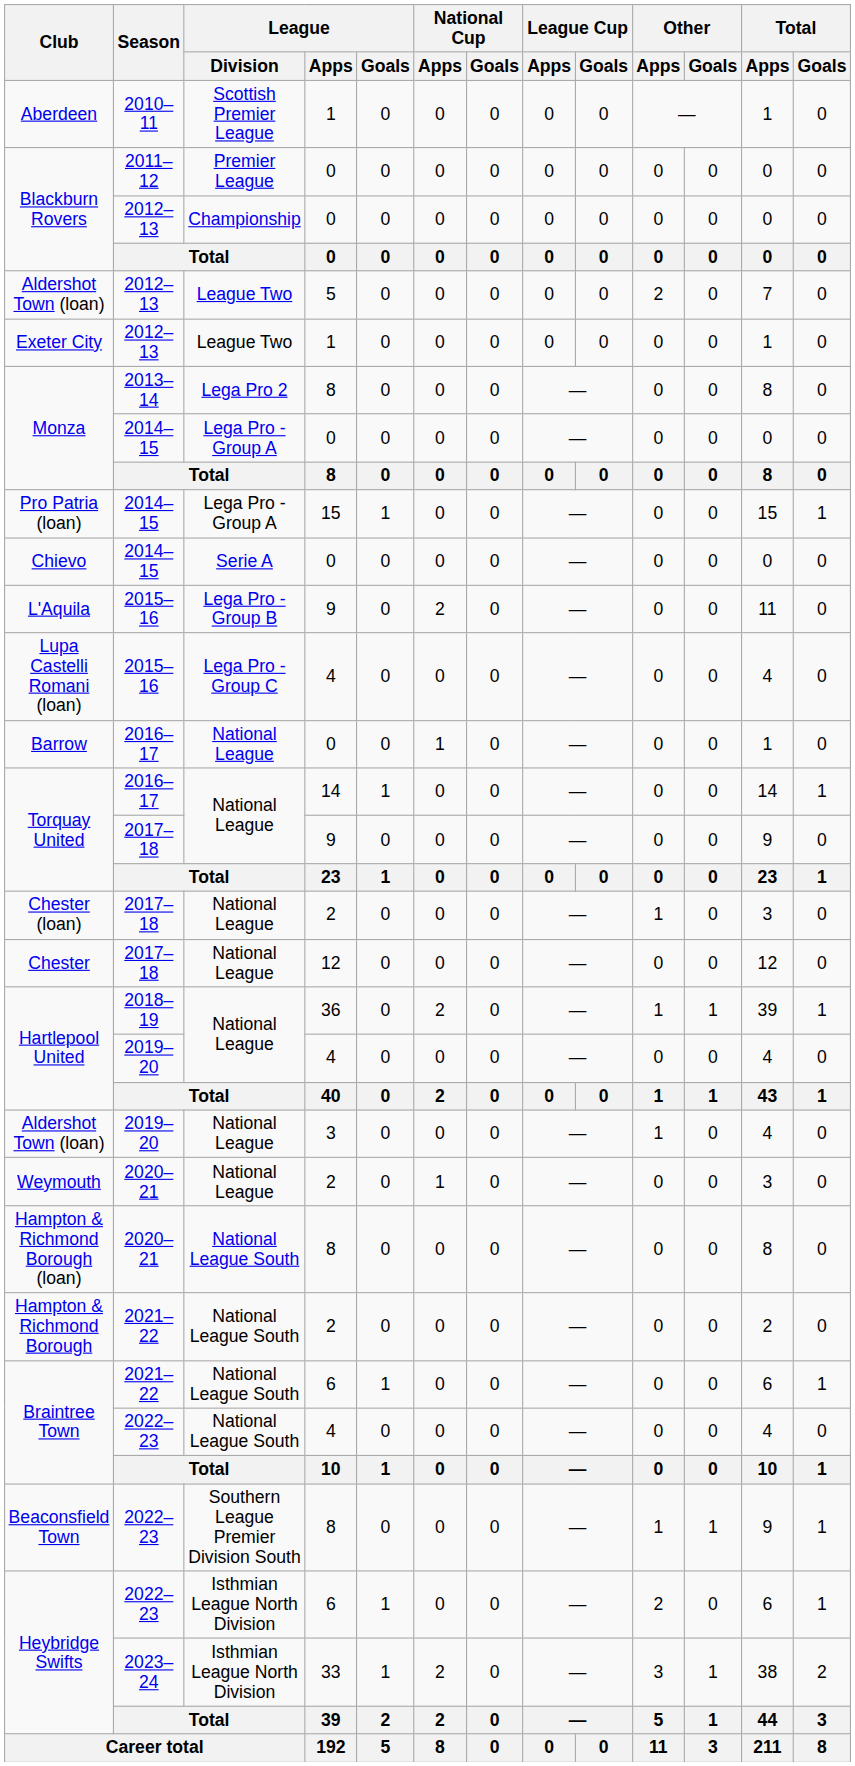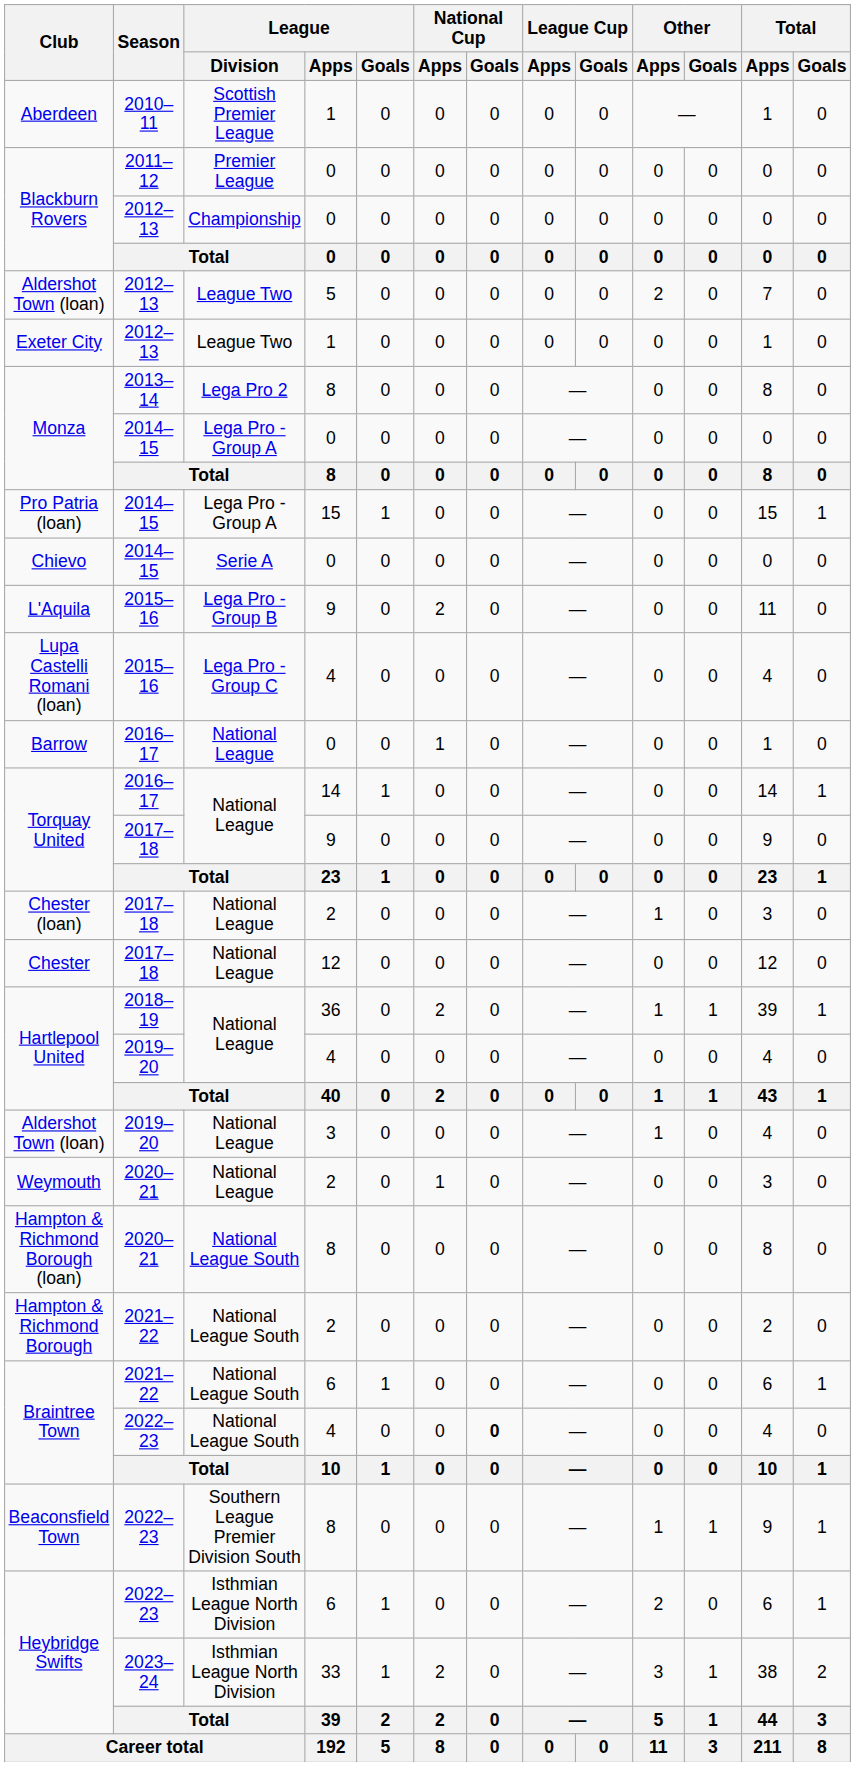 <table class="wikitable" style="text-align: center">
 <tr>
 <th rowspan="2">Club</th>
 <th rowspan="2">Season</th>
 <th colspan="3">League</th>
 <th colspan="2">National Cup</th>
 <th colspan="2">League Cup</th>
 <th colspan="2">Other</th>
 <th colspan="2">Total</th>
 </tr>
 <tr>
 <th>Division</th>
 <th>Apps</th>
 <th>Goals</th>
 <th>Apps</th>
 <th>Goals</th>
 <th>Apps</th>
 <th>Goals</th>
 <th>Apps</th>
 <th>Goals</th>
 <th>Apps</th>
 <th>Goals</th>
 </tr>
 <tr>
 <td><a href='#'>Aberdeen</a></td>
 <td><a href='#'>2010–11</a></td>
 <td><a href='#'>Scottish Premier League</a></td>
 <td>1</td>
 <td>0</td>
 <td>0</td>
 <td>0</td>
 <td>0</td>
 <td>0</td>
 <td colspan="2">—</td>
 <td>1</td>
 <td>0</td>
 </tr>
 <tr>
 <td rowspan="3"><a href='#'>Blackburn Rovers</a></td>
 <td><a href='#'>2011–12</a></td>
 <td><a href='#'>Premier League</a></td>
 <td>0</td>
 <td>0</td>
 <td>0</td>
 <td>0</td>
 <td>0</td>
 <td>0</td>
 <td>0</td>
 <td>0</td>
 <td>0</td>
 <td>0</td>
 </tr>
 <tr>
 <td><a href='#'>2012–13</a></td>
 <td><a href='#'>Championship</a></td>
 <td>0</td>
 <td>0</td>
 <td>0</td>
 <td>0</td>
 <td>0</td>
 <td>0</td>
 <td>0</td>
 <td>0</td>
 <td>0</td>
 <td>0</td>
 </tr>
 <tr>
 <th colspan="2">Total</th>
 <th>0</th>
 <th>0</th>
 <th>0</th>
 <th>0</th>
 <th>0</th>
 <th>0</th>
 <th>0</th>
 <th>0</th>
 <th>0</th>
 <th>0</th>
 </tr>
 <tr>
 <td><a href='#'>Aldershot Town</a> (loan)</td>
 <td><a href='#'>2012–13</a></td>
 <td><a href='#'>League Two</a></td>
 <td>5</td>
 <td>0</td>
 <td>0</td>
 <td>0</td>
 <td>0</td>
 <td>0</td>
 <td>2</td>
 <td>0</td>
 <td>7</td>
 <td>0</td>
 </tr>
 <tr>
 <td><a href='#'>Exeter City</a></td>
 <td><a href='#'>2012–13</a></td>
 <td>League Two</td>
 <td>1</td>
 <td>0</td>
 <td>0</td>
 <td>0</td>
 <td>0</td>
 <td>0</td>
 <td>0</td>
 <td>0</td>
 <td>1</td>
 <td>0</td>
 </tr>
 <tr>
 <td rowspan="3"><a href='#'>Monza</a></td>
 <td><a href='#'>2013–14</a></td>
 <td><a href='#'>Lega Pro 2</a></td>
 <td>8</td>
 <td>0</td>
 <td>0</td>
 <td>0</td>
 <td colspan="2">—</td>
 <td>0</td>
 <td>0</td>
 <td>8</td>
 <td>0</td>
 </tr>
 <tr>
 <td><a href='#'>2014–15</a></td>
 <td><a href='#'>Lega Pro - Group A</a></td>
 <td>0</td>
 <td>0</td>
 <td>0</td>
 <td>0</td>
 <td colspan="2">—</td>
 <td>0</td>
 <td>0</td>
 <td>0</td>
 <td>0</td>
 </tr>
 <tr>
 <th colspan="2">Total</th>
 <th>8</th>
 <th>0</th>
 <th>0</th>
 <th>0</th>
 <th>0</th>
 <th>0</th>
 <th>0</th>
 <th>0</th>
 <th>8</th>
 <th>0</th>
 </tr>
 <tr>
 <td><a href='#'>Pro Patria</a> (loan)</td>
 <td><a href='#'>2014–15</a></td>
 <td>Lega Pro - Group A</td>
 <td>15</td>
 <td>1</td>
 <td>0</td>
 <td>0</td>
 <td colspan="2">—</td>
 <td>0</td>
 <td>0</td>
 <td>15</td>
 <td>1</td>
 </tr>
 <tr>
 <td><a href='#'>Chievo</a></td>
 <td><a href='#'>2014–15</a></td>
 <td><a href='#'>Serie A</a></td>
 <td>0</td>
 <td>0</td>
 <td>0</td>
 <td>0</td>
 <td colspan="2">—</td>
 <td>0</td>
 <td>0</td>
 <td>0</td>
 <td>0</td>
 </tr>
 <tr>
 <td><a href='#'>L'Aquila</a></td>
 <td><a href='#'>2015–16</a></td>
 <td><a href='#'>Lega Pro - Group B</a></td>
 <td>9</td>
 <td>0</td>
 <td>2</td>
 <td>0</td>
 <td colspan="2">—</td>
 <td>0</td>
 <td>0</td>
 <td>11</td>
 <td>0</td>
 </tr>
 <tr>
 <td><a href='#'>Lupa Castelli Romani</a> (loan)</td>
 <td><a href='#'>2015–16</a></td>
 <td><a href='#'>Lega Pro - Group C</a></td>
 <td>4</td>
 <td>0</td>
 <td>0</td>
 <td>0</td>
 <td colspan="2">—</td>
 <td>0</td>
 <td>0</td>
 <td>4</td>
 <td>0</td>
 </tr>
 <tr>
 <td><a href='#'>Barrow</a></td>
 <td><a href='#'>2016–17</a></td>
 <td><a href='#'>National League</a></td>
 <td>0</td>
 <td>0</td>
 <td>1</td>
 <td>0</td>
 <td colspan="2">—</td>
 <td>0</td>
 <td>0</td>
 <td>1</td>
 <td>0</td>
 </tr>
 <tr>
 <td rowspan="3"><a href='#'>Torquay United</a></td>
 <td><a href='#'>2016–17</a></td>
 <td rowspan="2">National League</td>
 <td>14</td>
 <td>1</td>
 <td>0</td>
 <td>0</td>
 <td colspan="2">—</td>
 <td>0</td>
 <td>0</td>
 <td>14</td>
 <td>1</td>
 </tr>
 <tr>
 <td><a href='#'>2017–18</a></td>
 <td>9</td>
 <td>0</td>
 <td>0</td>
 <td>0</td>
 <td colspan="2">—</td>
 <td>0</td>
 <td>0</td>
 <td>9</td>
 <td>0</td>
 </tr>
 <tr>
 <th colspan="2">Total</th>
 <th>23</th>
 <th>1</th>
 <th>0</th>
 <th>0</th>
 <th>0</th>
 <th>0</th>
 <th>0</th>
 <th>0</th>
 <th>23</th>
 <th>1</th>
 </tr>
 <tr>
 <td><a href='#'>Chester</a> (loan)</td>
 <td><a href='#'>2017–18</a></td>
 <td>National League</td>
 <td>2</td>
 <td>0</td>
 <td>0</td>
 <td>0</td>
 <td colspan="2">—</td>
 <td>1</td>
 <td>0</td>
 <td>3</td>
 <td>0</td>
 </tr>
 <tr>
 <td><a href='#'>Chester</a></td>
 <td><a href='#'>2017–18</a></td>
 <td>National League</td>
 <td>12</td>
 <td>0</td>
 <td>0</td>
 <td>0</td>
 <td colspan="2">—</td>
 <td>0</td>
 <td>0</td>
 <td>12</td>
 <td>0</td>
 </tr>
 <tr>
 <td rowspan="3"><a href='#'>Hartlepool United</a></td>
 <td><a href='#'>2018–19</a></td>
 <td rowspan="2">National League</td>
 <td>36</td>
 <td>0</td>
 <td>2</td>
 <td>0</td>
 <td colspan="2">—</td>
 <td>1</td>
 <td>1</td>
 <td>39</td>
 <td>1</td>
 </tr>
 <tr>
 <td><a href='#'>2019–20</a></td>
 <td>4</td>
 <td>0</td>
 <td>0</td>
 <td>0</td>
 <td colspan="2">—</td>
 <td>0</td>
 <td>0</td>
 <td>4</td>
 <td>0</td>
 </tr>
 <tr>
 <th colspan="2">Total</th>
 <th>40</th>
 <th>0</th>
 <th>2</th>
 <th>0</th>
 <th>0</th>
 <th>0</th>
 <th>1</th>
 <th>1</th>
 <th>43</th>
 <th>1</th>
 </tr>
 <tr>
 <td><a href='#'>Aldershot Town</a> (loan)</td>
 <td><a href='#'>2019–20</a></td>
 <td>National League</td>
 <td>3</td>
 <td>0</td>
 <td>0</td>
 <td>0</td>
 <td colspan="2">—</td>
 <td>1</td>
 <td>0</td>
 <td>4</td>
 <td>0</td>
 </tr>
 <tr>
 <td><a href='#'>Weymouth</a></td>
 <td><a href='#'>2020–21</a></td>
 <td>National League</td>
 <td>2</td>
 <td>0</td>
 <td>1</td>
 <td>0</td>
 <td colspan="2">—</td>
 <td>0</td>
 <td>0</td>
 <td>3</td>
 <td>0</td>
 </tr>
 <tr>
 <td><a href='#'>Hampton & Richmond Borough</a> (loan)</td>
 <td><a href='#'>2020–21</a></td>
 <td><a href='#'>National League South</a></td>
 <td>8</td>
 <td>0</td>
 <td>0</td>
 <td>0</td>
 <td colspan="2">—</td>
 <td>0</td>
 <td>0</td>
 <td>8</td>
 <td>0</td>
 </tr>
 <tr>
 <td><a href='#'>Hampton & Richmond Borough</a></td>
 <td><a href='#'>2021–22</a></td>
 <td>National League South</td>
 <td>2</td>
 <td>0</td>
 <td>0</td>
 <td>0</td>
 <td colspan="2">—</td>
 <td>0</td>
 <td>0</td>
 <td>2</td>
 <td>0</td>
 </tr>
 <tr>
 <td rowspan="3"><a href='#'>Braintree Town</a></td>
 <td><a href='#'>2021–22</a></td>
 <td>National League South</td>
 <td>6</td>
 <td>1</td>
 <td>0</td>
 <td>0</td>
 <td colspan="2">—</td>
 <td>0</td>
 <td>0</td>
 <td>6</td>
 <td>1</td>
 </tr>
 <tr>
 <td><a href='#'>2022–23</a></td>
 <td>National League South</td>
 <td>4</td>
 <td>0</td>
 <td>0</td>
-<td>0</td>
+<td><strong>0</strong></td>
 <td colspan="2">—</td>
 <td>0</td>
 <td>0</td>
 <td>4</td>
 <td>0</td>
 </tr>
 <tr>
 <th colspan="2">Total</th>
 <th>10</th>
 <th>1</th>
 <th>0</th>
 <th>0</th>
 <th colspan="2">—</th>
 <th>0</th>
 <th>0</th>
 <th>10</th>
 <th>1</th>
 </tr>
 <tr>
 <td><a href='#'>Beaconsfield Town</a></td>
 <td><a href='#'>2022–23</a></td>
 <td>Southern League Premier Division South</td>
 <td>8</td>
 <td>0</td>
 <td>0</td>
 <td>0</td>
 <td colspan="2">—</td>
 <td>1</td>
 <td>1</td>
 <td>9</td>
 <td>1</td>
 </tr>
 <tr>
 <td rowspan="3"><a href='#'>Heybridge Swifts</a></td>
 <td><a href='#'>2022–23</a></td>
 <td>Isthmian League North Division</td>
 <td>6</td>
 <td>1</td>
 <td>0</td>
 <td>0</td>
 <td colspan="2">—</td>
 <td>2</td>
 <td>0</td>
 <td>6</td>
 <td>1</td>
 </tr>
 <tr>
 <td><a href='#'>2023–24</a></td>
 <td>Isthmian League North Division</td>
 <td>33</td>
 <td>1</td>
 <td>2</td>
 <td>0</td>
 <td colspan="2">—</td>
 <td>3</td>
 <td>1</td>
 <td>38</td>
 <td>2</td>
 </tr>
 <tr>
 <th colspan="2">Total</th>
 <th>39</th>
 <th>2</th>
 <th>2</th>
 <th>0</th>
 <th colspan="2">—</th>
 <th>5</th>
 <th>1</th>
 <th>44</th>
 <th>3</th>
 </tr>
 <tr>
 <th colspan="3">Career total</th>
 <th>192</th>
 <th>5</th>
 <th>8</th>
 <th>0</th>
 <th>0</th>
 <th>0</th>
 <th>11</th>
 <th>3</th>
 <th>211</th>
 <th>8</th>
 </tr>
 </table>
